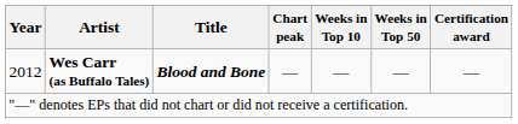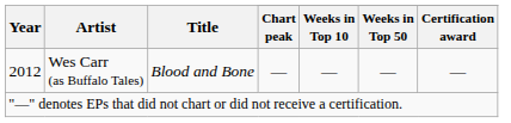 <table class="wikitable">
 <tr>
 <th rowspan="2">Year</th>
 <th rowspan="2">Artist</th>
 <th rowspan="2">Title</th>
 </tr>
 <tr>
 <th><small>Chart<br>peak</small></th>
 <th><small>Weeks in<br>Top 10</small></th>
 <th><small>Weeks in<br>Top 50</small></th>
 <th><small>Certification<br>award</small></th>
 </tr>
 <tr>
 <td>2012</td>
-<td><strong>Wes Carr <br><small>(as Buffalo Tales)</small></strong></td>
-<td style="text-align:center;"><strong><em>Blood and Bone</em></strong></td>
+<td>Wes Carr <br><small>(as Buffalo Tales)</small></td>
+<td style="text-align:center;"><em>Blood and Bone</em></td>
 <td style="text-align:center;">—</td>
 <td style="text-align:center;">—</td>
 <td style="text-align:center;">—</td>
 <td style="text-align:center;">—</td>
 </tr>
 <tr>
 <td colspan="7" style="font-size:90%" style="text-align:center;">"—" denotes EPs that did not chart or did not receive a certification.</td>
 </tr>
 </table>
